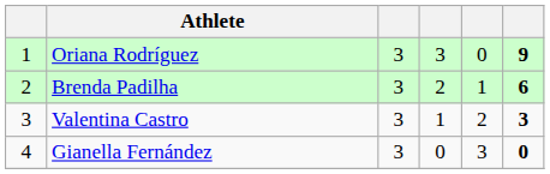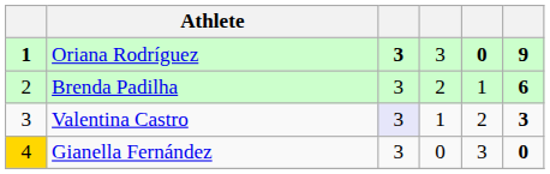 <table class="wikitable" style="text-align: center; font-size:100% ">
 <tr>
 <th width=25></th>
 <th width=250>Athlete</th>
 <th width=25></th>
 <th width=25></th>
 <th width=25></th>
 <th width=25></th>
 </tr>
 <tr bgcolor="ccffcc">
-<td>1</td>
+<td><strong>1</strong></td>
 <td align=left> <a href='#'>Oriana Rodríguez</a></td>
+<td><strong>3</strong></td>
 <td>3</td>
-<td>3</td>
-<td>0</td>
+<td><strong>0</strong></td>
 <td><strong>9</strong></td>
 </tr>
 <tr bgcolor="ccffcc">
 <td>2</td>
 <td align=left> <a href='#'>Brenda Padilha</a></td>
 <td>3</td>
 <td>2</td>
 <td>1</td>
 <td><strong>6</strong></td>
 </tr>
 <tr>
 <td>3</td>
 <td align=left> <a href='#'>Valentina Castro</a></td>
-<td>3</td>
+<td style="background: lavender;">3</td>
 <td>1</td>
 <td>2</td>
 <td><strong>3</strong></td>
 </tr>
 <tr>
-<td>4</td>
+<td style="background: gold;">4</td>
 <td align=left> <a href='#'>Gianella Fernández</a></td>
 <td>3</td>
 <td>0</td>
 <td>3</td>
 <td><strong>0</strong></td>
 </tr>
 <tr>
 </tr>
 </table>
